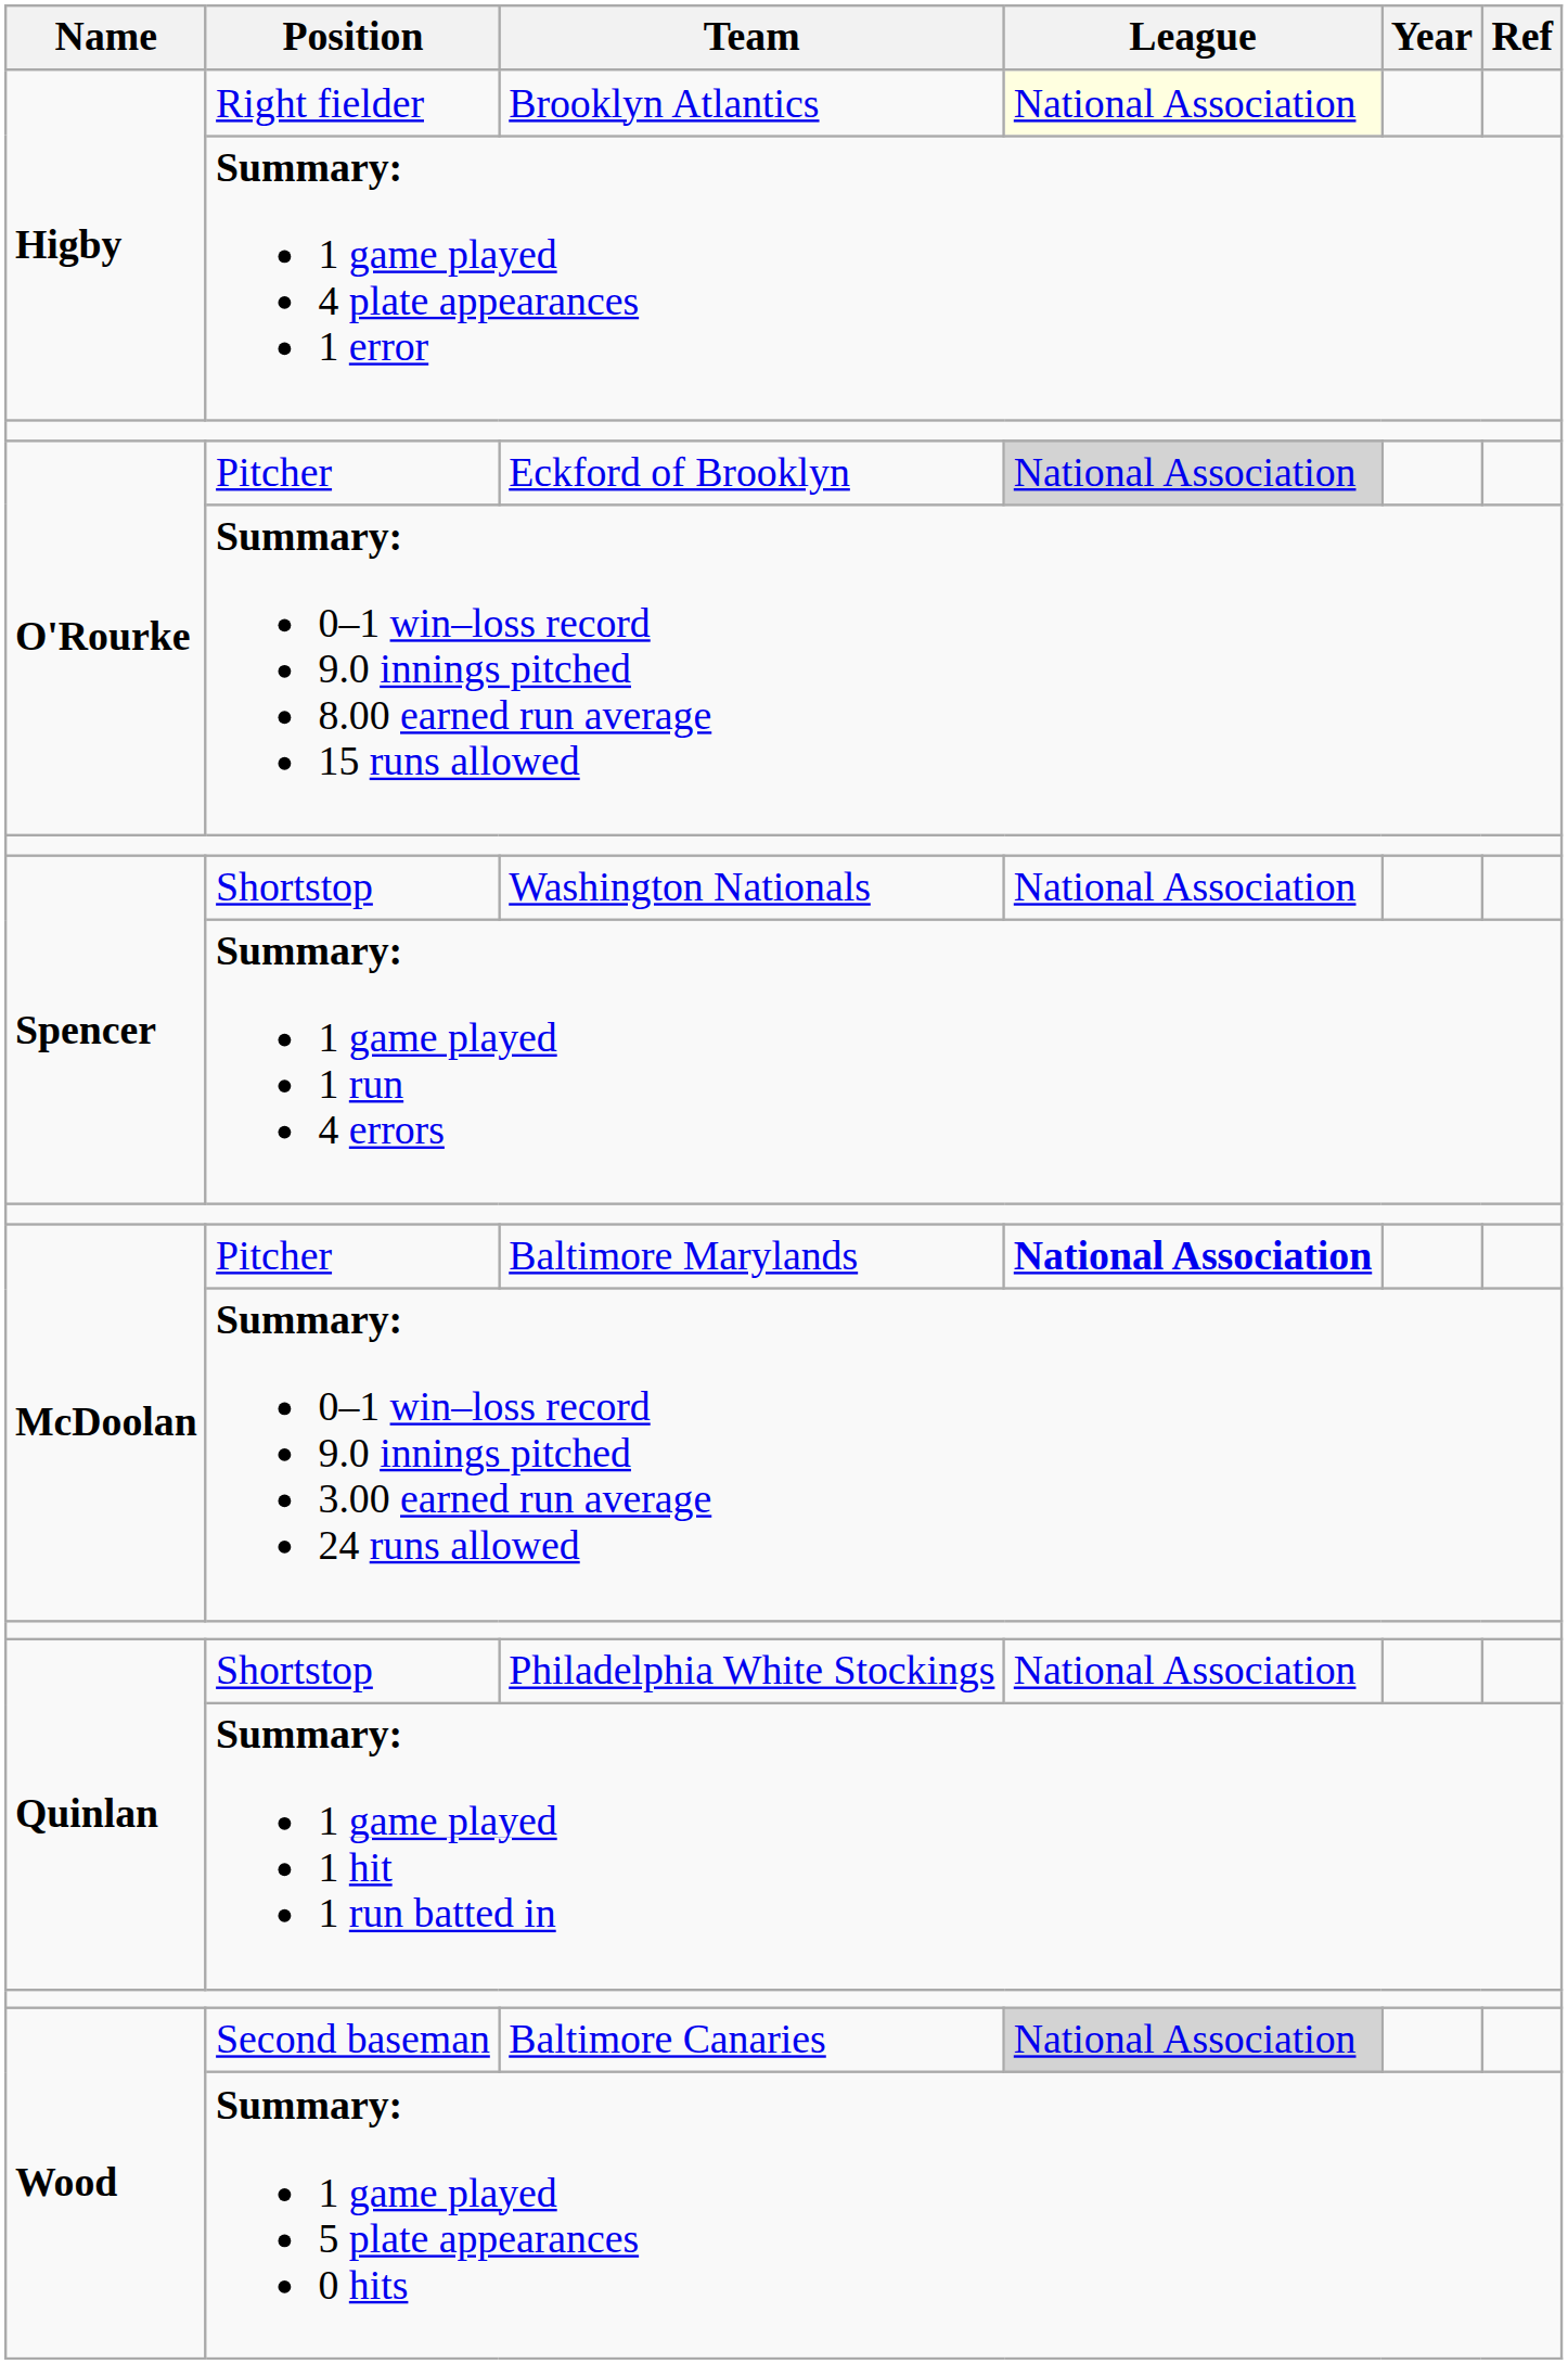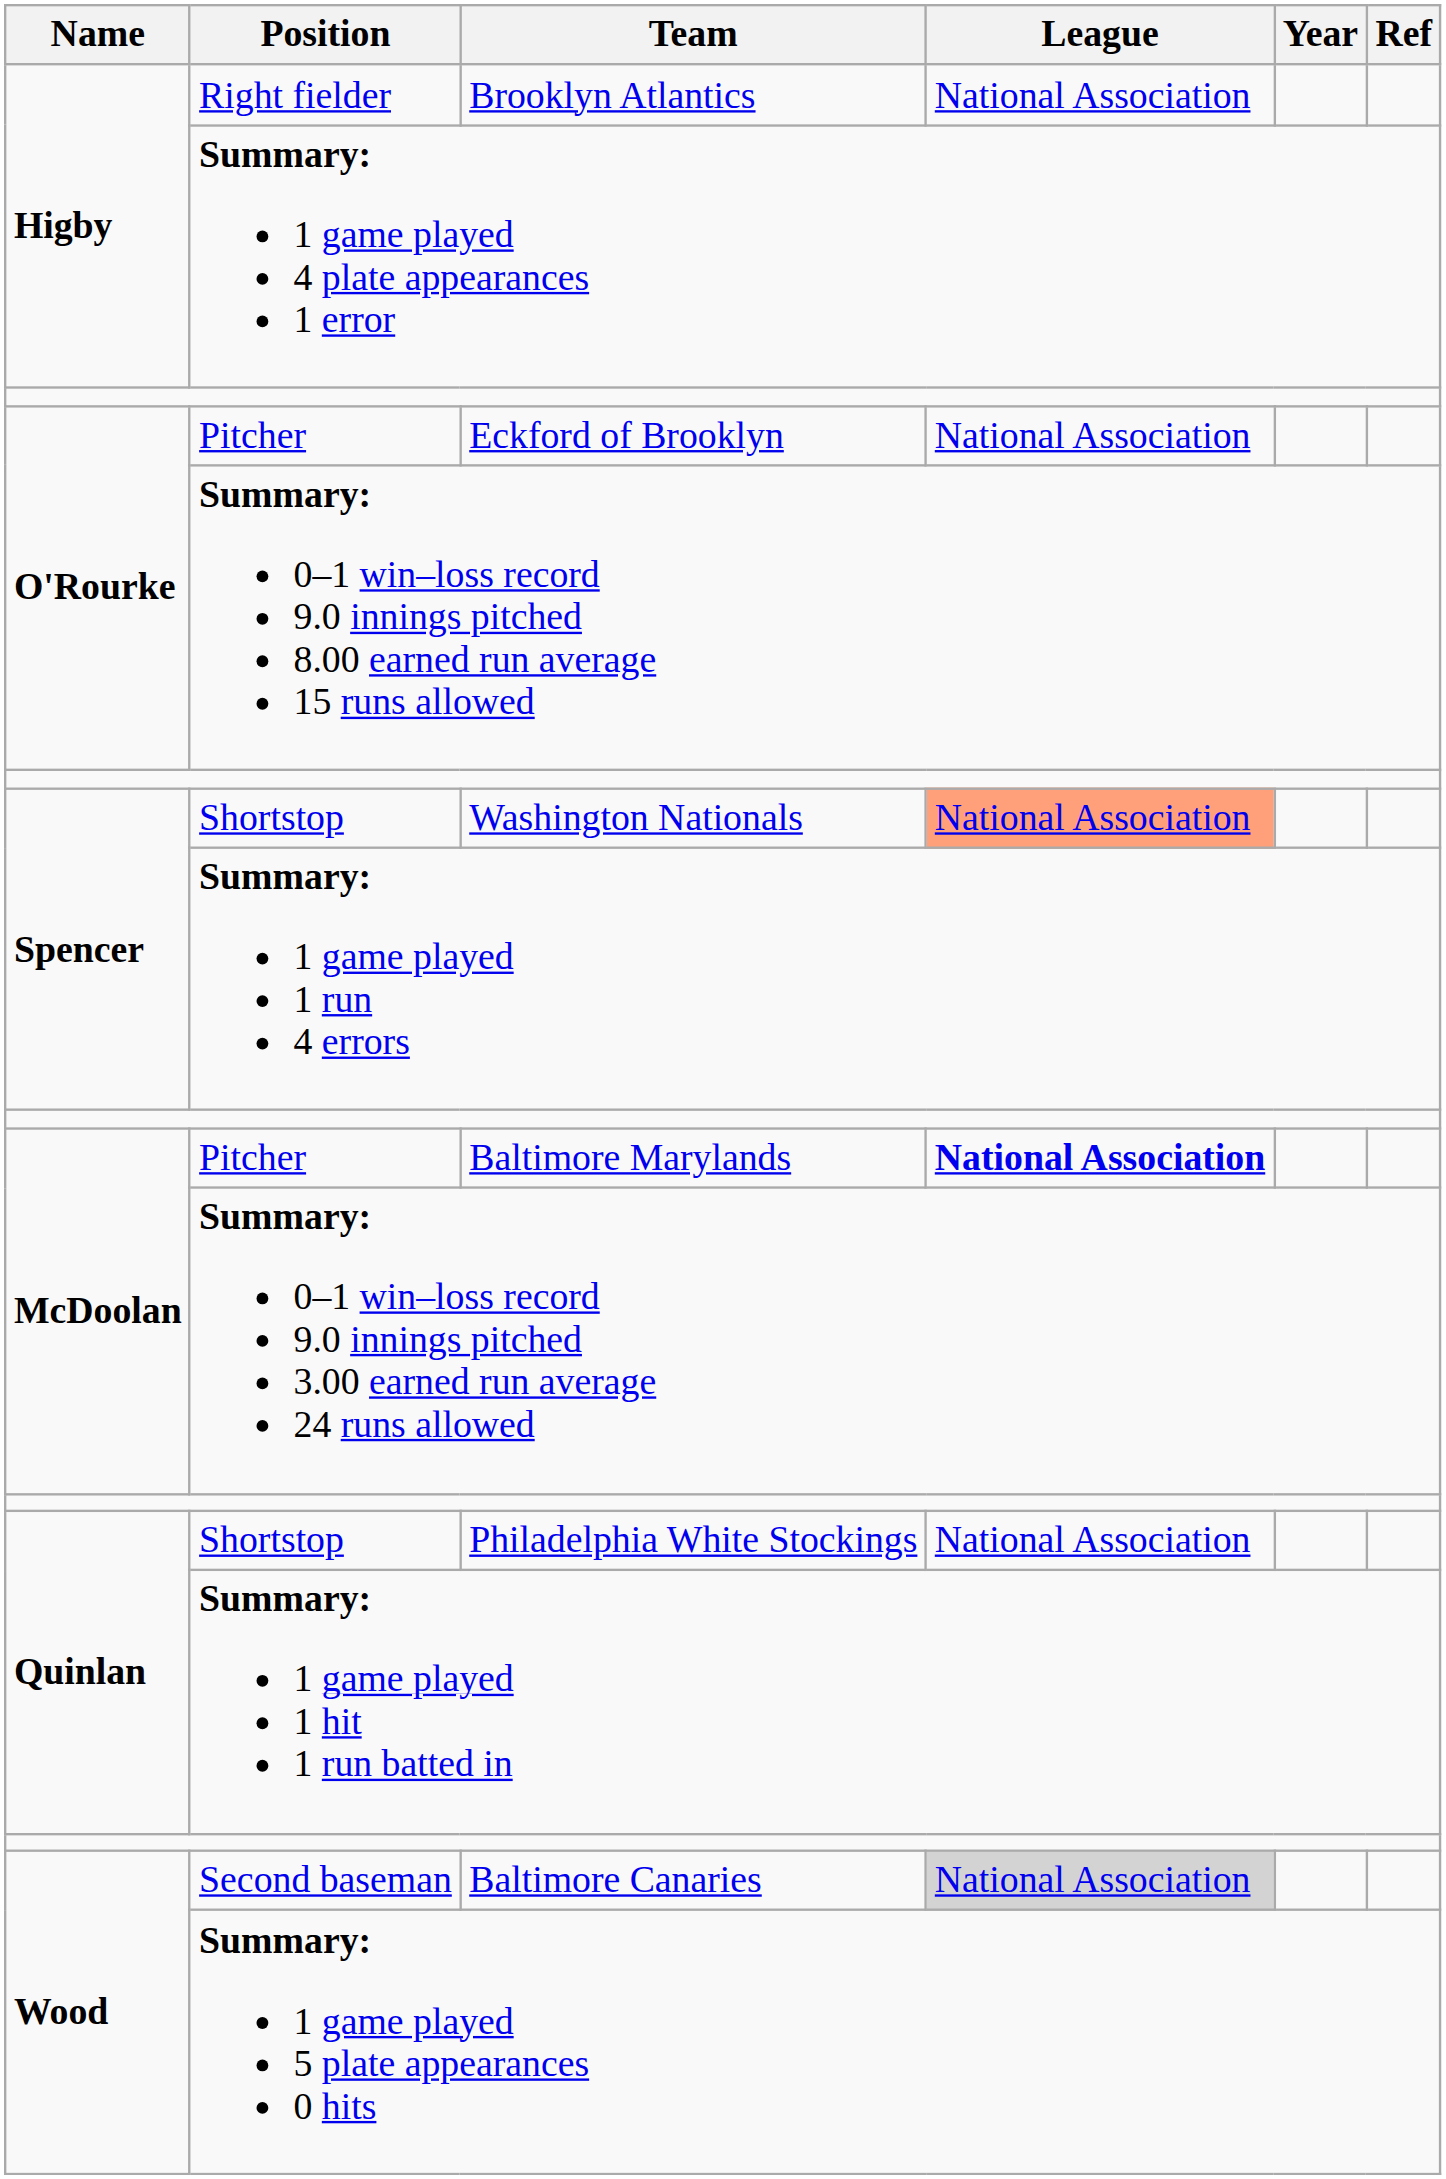 <table class="wikitable">
 <tr>
 <th>Name</th>
 <th>Position</th>
 <th>Team</th>
 <th>League</th>
 <th>Year</th>
 <th>Ref</th>
 </tr>
 <tr>
 <td rowspan="2"><strong>Higby</strong></td>
 <td><a href='#'>Right fielder</a></td>
 <td><a href='#'>Brooklyn Atlantics</a></td>
-<td style="background: lightyellow;"><a href='#'>National Association</a></td>
+<td><a href='#'>National Association</a></td>
 <td></td>
 <td></td>
 </tr>
 <tr>
 <td colspan="5"><strong>Summary:</strong><br><ul><li>1 <a href='#'>game played</a></li><li>4 <a href='#'>plate appearances</a></li><li>1 <a href='#'>error</a></li></ul></td>
 </tr>
 <tr>
 <td colspan="6"></td>
 </tr>
 <tr>
 <td rowspan="2"><strong>O'Rourke</strong></td>
 <td><a href='#'>Pitcher</a></td>
 <td><a href='#'>Eckford of Brooklyn</a></td>
-<td style="background: lightgrey;"><a href='#'>National Association</a></td>
+<td><a href='#'>National Association</a></td>
 <td></td>
 <td></td>
 </tr>
 <tr>
 <td colspan="5"><strong>Summary:</strong><br><ul><li>0–1 <a href='#'>win–loss record</a></li><li>9.0 <a href='#'>innings pitched</a></li><li>8.00 <a href='#'>earned run average</a></li><li>15 <a href='#'>runs allowed</a></li></ul></td>
 </tr>
 <tr>
 <td colspan="6"></td>
 </tr>
 <tr>
 <td rowspan="2"><strong>Spencer</strong></td>
 <td><a href='#'>Shortstop</a></td>
 <td><a href='#'>Washington Nationals</a></td>
-<td><a href='#'>National Association</a></td>
+<td style="background: lightsalmon;"><a href='#'>National Association</a></td>
 <td></td>
 <td></td>
 </tr>
 <tr>
 <td colspan="5"><strong>Summary:</strong><br><ul><li>1 <a href='#'>game played</a></li><li>1 <a href='#'>run</a></li><li>4 <a href='#'>errors</a></li></ul></td>
 </tr>
 <tr>
 <td colspan="6"></td>
 </tr>
 <tr>
 <td rowspan="2"><strong>McDoolan</strong></td>
 <td><a href='#'>Pitcher</a></td>
 <td><a href='#'>Baltimore Marylands</a></td>
 <td><strong><a href='#'>National Association</a></strong></td>
 <td></td>
 <td></td>
 </tr>
 <tr>
 <td colspan="5"><strong>Summary:</strong><br><ul><li>0–1 <a href='#'>win–loss record</a></li><li>9.0 <a href='#'>innings pitched</a></li><li>3.00 <a href='#'>earned run average</a></li><li>24 <a href='#'>runs allowed</a></li></ul></td>
 </tr>
 <tr>
 <td colspan="6"></td>
 </tr>
 <tr>
 <td rowspan="2"><strong>Quinlan</strong></td>
 <td><a href='#'>Shortstop</a></td>
 <td><a href='#'>Philadelphia White Stockings</a></td>
 <td><a href='#'>National Association</a></td>
 <td></td>
 <td></td>
 </tr>
 <tr>
 <td colspan="5"><strong>Summary:</strong><br><ul><li>1 <a href='#'>game played</a></li><li>1 <a href='#'>hit</a></li><li>1 <a href='#'>run batted in</a></li></ul></td>
 </tr>
 <tr>
 <td colspan="6"></td>
 </tr>
 <tr>
 <td rowspan="2"><strong>Wood</strong></td>
 <td><a href='#'>Second baseman</a></td>
 <td><a href='#'>Baltimore Canaries</a></td>
 <td style="background: lightgrey;"><a href='#'>National Association</a></td>
 <td></td>
 <td></td>
 </tr>
 <tr>
 <td colspan="5"><strong>Summary:</strong><br><ul><li>1 <a href='#'>game played</a></li><li>5 <a href='#'>plate appearances</a></li><li>0 <a href='#'>hits</a></li></ul></td>
 </tr>
 </table>
